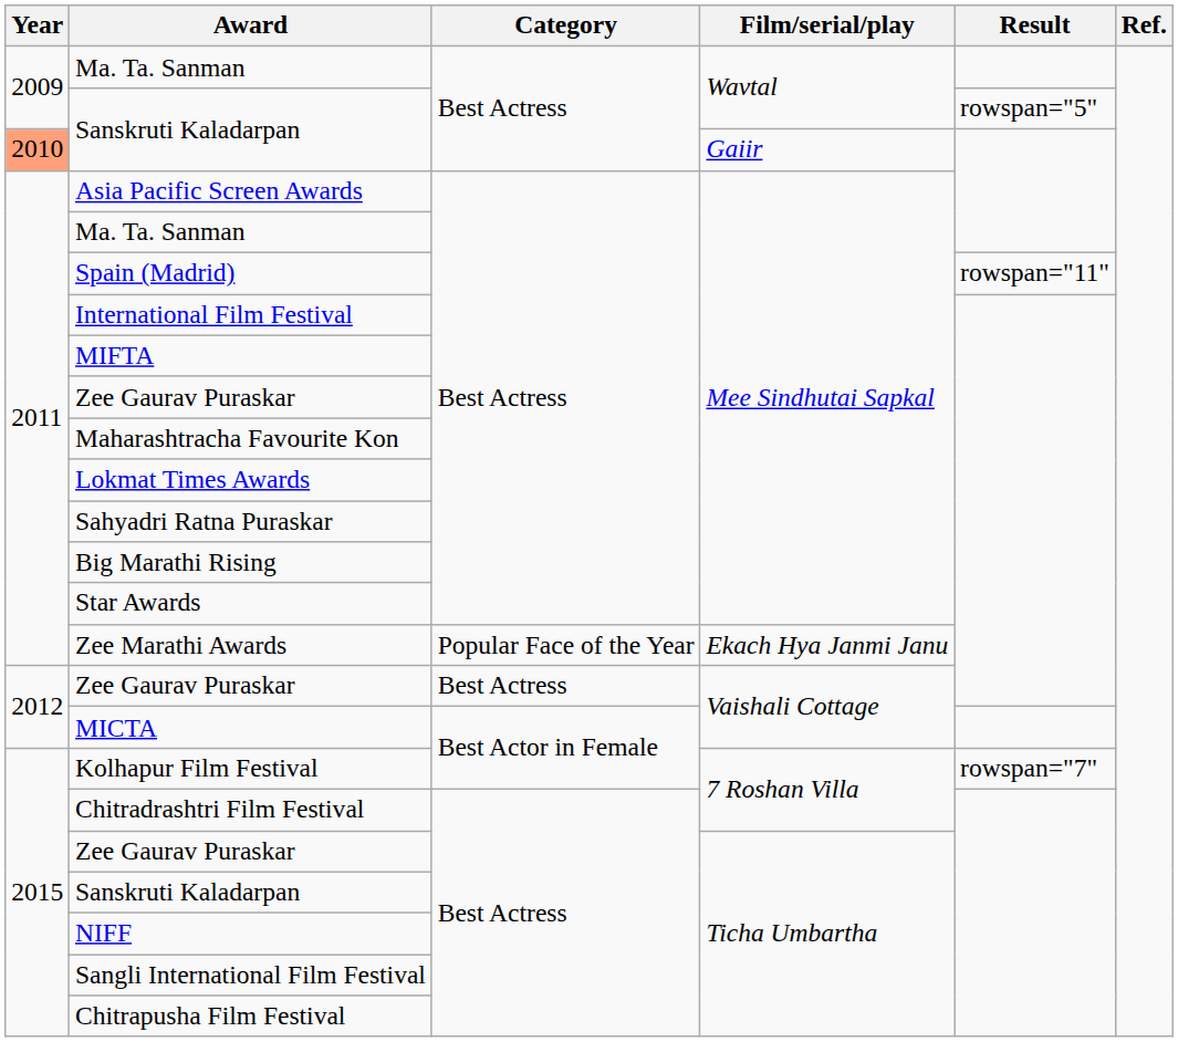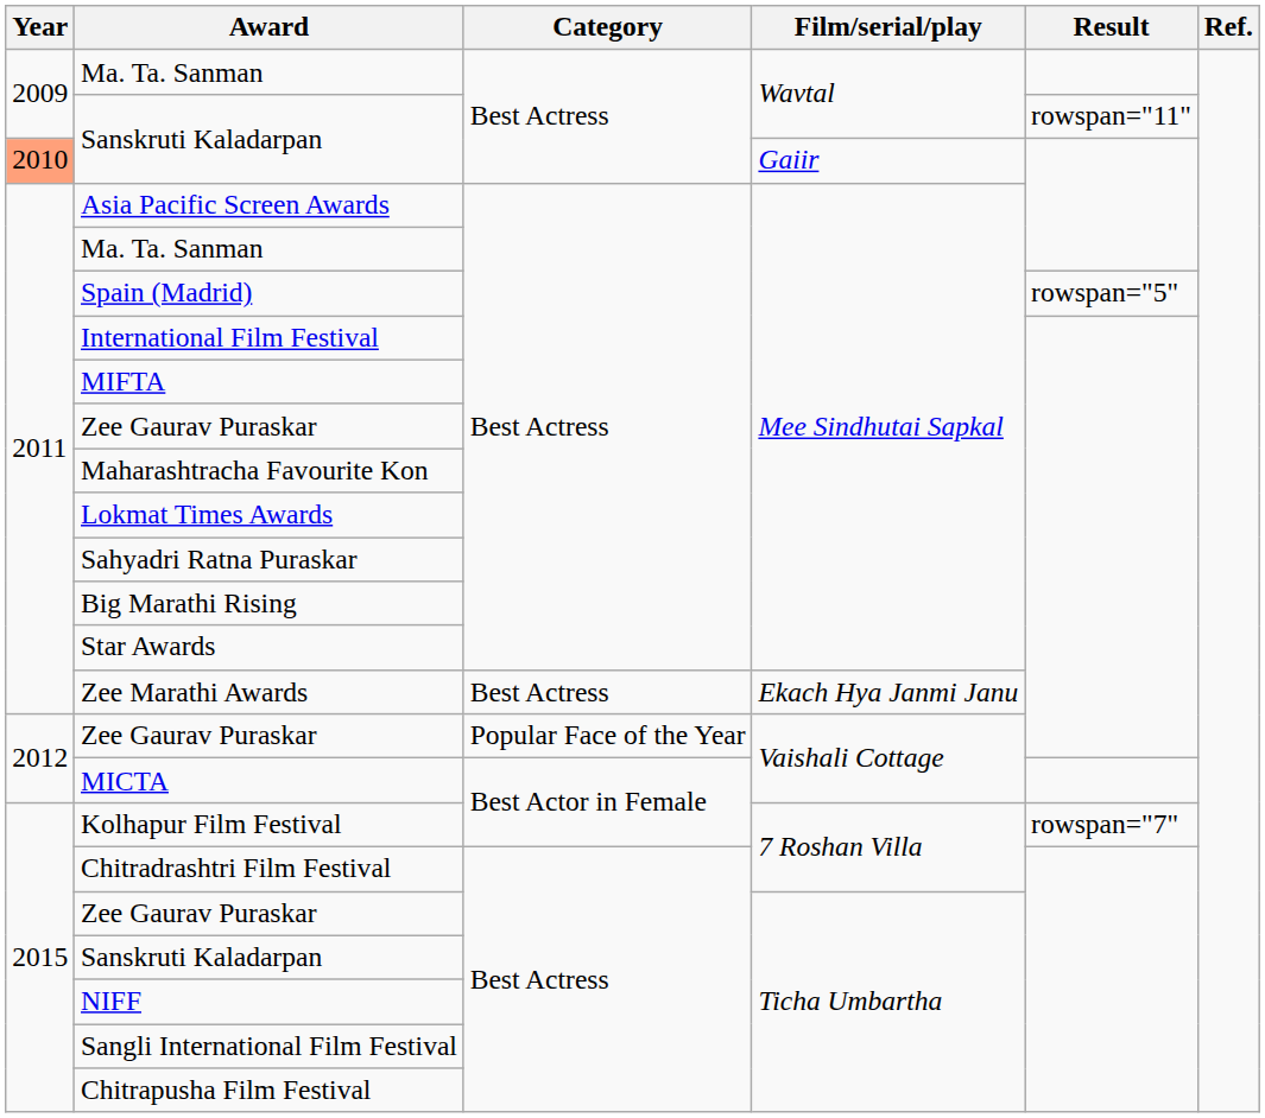 <table class="wikitable">
 <tr>
 <th>Year</th>
 <th>Award</th>
 <th>Category</th>
 <th>Film/serial/play</th>
 <th>Result</th>
 <th>Ref.</th>
 </tr>
 <tr>
 <td rowspan="2">2009</td>
 <td>Ma. Ta. Sanman</td>
 <td rowspan="4">Best Actress</td>
 <td rowspan="2"><em>Wavtal</em></td>
 <td></td>
 <td rowspan="25"></td>
 </tr>
 <tr>
 <td rowspan="3">Sanskruti Kaladarpan</td>
-<td>rowspan="5" </td>
+<td>rowspan="11" </td>
 </tr>
 <tr>
 <td style="background: lightsalmon;">2010</td>
 <td><em><a href='#'>Gaiir</a></em></td>
 </tr>
 <tr>
 <td rowspan="13">2011</td>
 <td rowspan="12"><em><a href='#'>Mee Sindhutai Sapkal</a></em></td>
 </tr>
 <tr>
 <td><a href='#'>Asia Pacific Screen Awards</a></td>
 <td rowspan="11">Best Actress</td>
 </tr>
 <tr>
 <td>Ma. Ta. Sanman</td>
 </tr>
 <tr>
 <td><a href='#'>Spain (Madrid)</a></td>
-<td>rowspan="11" </td>
+<td>rowspan="5" </td>
 </tr>
 <tr>
 <td><a href='#'>International Film Festival</a></td>
 </tr>
 <tr>
 <td><a href='#'>MIFTA</a></td>
 </tr>
 <tr>
 <td>Zee Gaurav Puraskar</td>
 </tr>
 <tr>
 <td>Maharashtracha Favourite Kon</td>
 </tr>
 <tr>
 <td><a href='#'>Lokmat Times Awards</a></td>
 </tr>
 <tr>
 <td>Sahyadri Ratna Puraskar</td>
 </tr>
 <tr>
 <td>Big Marathi Rising</td>
 </tr>
 <tr>
 <td>Star Awards</td>
 </tr>
 <tr>
 <td>Zee Marathi Awards</td>
-<td>Popular Face of the Year</td>
+<td>Best Actress</td>
 <td><em>Ekach Hya Janmi Janu</em></td>
 </tr>
 <tr>
 <td rowspan="2">2012</td>
 <td>Zee Gaurav Puraskar</td>
-<td>Best Actress</td>
+<td>Popular Face of the Year</td>
 <td rowspan="2"><em>Vaishali Cottage</em></td>
 </tr>
 <tr>
 <td><a href='#'>MICTA</a></td>
 <td rowspan="2">Best Actor in Female</td>
 <td></td>
 </tr>
 <tr>
 <td rowspan="7">2015</td>
 <td>Kolhapur Film Festival</td>
 <td rowspan="2"><em>7 Roshan Villa</em></td>
 <td>rowspan="7"  </td>
 </tr>
 <tr>
 <td>Chitradrashtri Film Festival</td>
 <td rowspan="6">Best Actress</td>
 </tr>
 <tr>
 <td>Zee Gaurav Puraskar</td>
 <td rowspan="5"><em>Ticha Umbartha</em></td>
 </tr>
 <tr>
 <td>Sanskruti Kaladarpan</td>
 </tr>
 <tr>
 <td><a href='#'>NIFF</a></td>
 </tr>
 <tr>
 <td>Sangli International Film Festival</td>
 </tr>
 <tr>
 <td>Chitrapusha Film Festival</td>
 </tr>
 </table>
